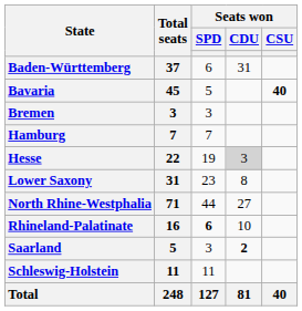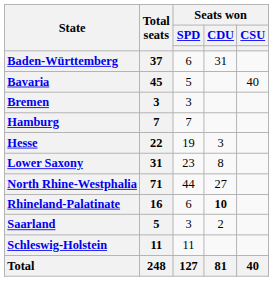 <table class="wikitable" style="text-align:center; font-size: 0.9em;">
 <tr>
 <th rowspan="3">State</th>
 <th rowspan="3">Total<br>seats</th>
 <th colspan="3">Seats won</th>
 </tr>
 <tr>
 <th class="unsortable" style="width:30px;"><a href='#'>SPD</a></th>
 <th class="unsortable" style="width:30px;"><a href='#'>CDU</a></th>
 <th class="unsortable" style="width:30px;"><a href='#'>CSU</a></th>
 </tr>
 <tr>
 <th style="background:"></th>
 <th style="background:"></th>
 <th style="background:"></th>
 </tr>
 <tr>
 <th style="text-align: left;"><a href='#'>Baden-Württemberg</a></th>
 <th>37</th>
 <td>6</td>
 <td>31</td>
 <td></td>
 </tr>
 <tr>
 <th style="text-align: left;"><a href='#'>Bavaria</a></th>
 <th>45</th>
 <td>5</td>
 <td></td>
-<td><strong>40</strong></td>
+<td>40</td>
 </tr>
 <tr>
 <th style="text-align: left;"><a href='#'>Bremen</a></th>
 <th>3</th>
 <td>3</td>
 <td></td>
 <td></td>
 </tr>
 <tr>
 <th style="text-align: left;"><a href='#'>Hamburg</a></th>
 <th>7</th>
 <td>7</td>
 <td></td>
 <td></td>
 </tr>
 <tr>
 <th style="text-align: left;"><a href='#'>Hesse</a></th>
 <th>22</th>
 <td>19</td>
-<td style="background: lightgrey;">3</td>
+<td>3</td>
 <td></td>
 </tr>
 <tr>
 <th style="text-align: left;"><a href='#'>Lower Saxony</a></th>
 <th>31</th>
 <td>23</td>
 <td>8</td>
 <td></td>
 </tr>
 <tr>
 <th style="text-align: left;"><a href='#'>North Rhine-Westphalia</a></th>
 <th>71</th>
 <td>44</td>
 <td>27</td>
 <td></td>
 </tr>
 <tr>
 <th style="text-align: left;"><a href='#'>Rhineland-Palatinate</a></th>
 <th>16</th>
-<td><strong>6</strong></td>
-<td>10</td>
+<td>6</td>
+<td><strong>10</strong></td>
 <td></td>
 </tr>
 <tr>
 <th style="text-align: left;"><a href='#'>Saarland</a></th>
 <th>5</th>
 <td>3</td>
-<td><strong>2</strong></td>
+<td>2</td>
 <td></td>
 </tr>
 <tr>
 <th style="text-align: left;"><a href='#'>Schleswig-Holstein</a></th>
 <th>11</th>
 <td>11</td>
 <td></td>
 <td></td>
 </tr>
 <tr class="sortbottom">
 <th style="text-align: left;">Total</th>
 <th>248</th>
 <th>127</th>
 <th>81</th>
 <th>40</th>
 </tr>
 </table>
